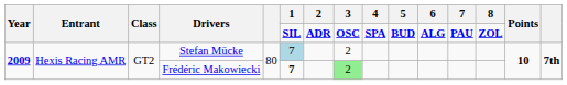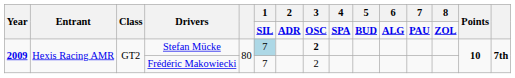 <table class="wikitable" style="text-align:center; font-size:90%">
 <tr>
 <th rowspan="2">Year</th>
 <th rowspan="2">Entrant</th>
 <th rowspan="2">Class</th>
 <th rowspan="2">Drivers</th>
 <th rowspan="2"></th>
 <th>1</th>
 <th>2</th>
 <th>3</th>
 <th>4</th>
 <th>5</th>
 <th>6</th>
 <th>7</th>
 <th>8</th>
 <th rowspan="2">Points</th>
 <th rowspan="2"></th>
 </tr>
 <tr>
 <td><a href='#'><strong>SIL</strong></a><br><strong></strong></td>
 <td><a href='#'><strong>ADR</strong></a><br><strong></strong></td>
 <td><a href='#'><strong>OSC</strong></a><br><strong></strong></td>
 <td><a href='#'><strong>SPA</strong></a><br><strong></strong></td>
 <td><a href='#'><strong>BUD</strong></a><br><strong></strong></td>
 <td><a href='#'><strong>ALG</strong></a><br><strong></strong></td>
 <td><a href='#'><strong>PAU</strong></a><br><strong></strong></td>
 <td><a href='#'><strong>ZOL</strong></a><br><strong></strong></td>
 </tr>
 <tr>
 <td rowspan="2"><a href='#'><strong>2009</strong></a></td>
 <td rowspan="2"> <a href='#'>Hexis Racing AMR</a></td>
 <td rowspan="2">GT2</td>
 <td> <a href='#'>Stefan Mücke</a></td>
 <td rowspan="2">80</td>
 <td style="background: lightblue;">7</td>
 <td></td>
-<td>2</td>
+<td><strong>2</strong></td>
 <td></td>
 <td></td>
 <td></td>
 <td></td>
 <td></td>
 <td rowspan="2"><strong>10</strong></td>
 <td rowspan="2"><strong>7th</strong></td>
 </tr>
 <tr>
 <td> <a href='#'>Frédéric Makowiecki</a></td>
-<td><strong>7</strong></td>
+<td>7</td>
 <td></td>
-<td style="background: lightgreen;">2</td>
+<td>2</td>
 <td></td>
 <td></td>
 <td></td>
 <td></td>
 <td></td>
 </tr>
 </table>
